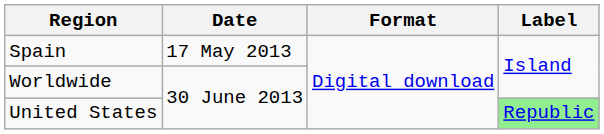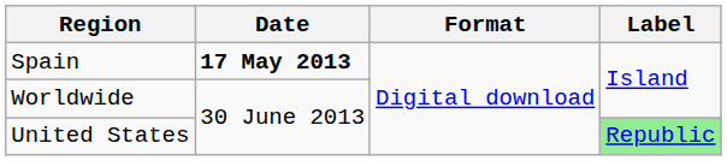 <table class=wikitable>
 <tr>
 <th>Region</th>
 <th>Date</th>
 <th>Format</th>
 <th>Label</th>
 </tr>
 <tr>
 <td>Spain</td>
-<td>17 May 2013</td>
+<td><strong>17 May 2013</strong></td>
 <td rowspan="3"><a href='#'>Digital download</a></td>
 <td rowspan="2"><a href='#'>Island</a></td>
 </tr>
 <tr>
 <td>Worldwide</td>
 <td rowspan="2">30 June 2013</td>
 </tr>
 <tr>
 <td>United States</td>
 <td style="background: lightgreen;"><a href='#'>Republic</a></td>
 </tr>
 </table>
